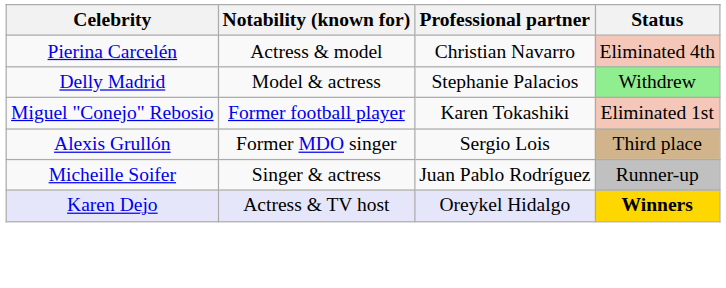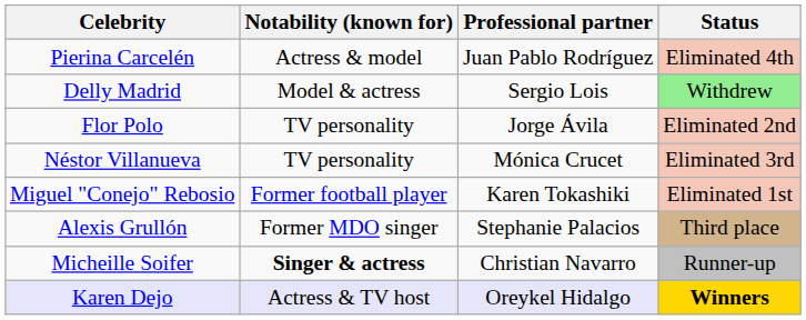 <table class= "wikitable sortable" style="text-align: center; margin:auto; align: center">
 <tr>
 <th>Celebrity</th>
 <th>Notability (known for)</th>
 <th>Professional partner</th>
 <th>Status</th>
 </tr>
 <tr>
 <td><a href='#'>Pierina Carcelén</a></td>
 <td>Actress & model</td>
-<td>Christian Navarro</td>
+<td>Juan Pablo Rodríguez</td>
 <td style="background:#f4c7b8;">Eliminated 4th<br></td>
 </tr>
 <tr>
 <td><a href='#'>Delly Madrid</a></td>
 <td>Model & actress</td>
-<td>Stephanie Palacios</td>
+<td>Sergio Lois</td>
 <td style="background:lightgreen;">Withdrew<br></td>
+</tr>
+<tr>
+<td><a href='#'>Flor Polo</a></td>
+<td>TV personality</td>
+<td>Jorge Ávila</td>
+<td style="background:#f4c7b8;">Eliminated 2nd<br></td>
+</tr>
+<tr>
+<td><a href='#'>Néstor Villanueva</a></td>
+<td>TV personality</td>
+<td>Mónica Crucet</td>
+<td style="background:#f4c7b8;">Eliminated 3rd<br></td>
 </tr>
 <tr>
 <td><a href='#'>Miguel "Conejo" Rebosio</a></td>
 <td><a href='#'>Former football player</a></td>
 <td>Karen Tokashiki</td>
 <td style="background:#f4c7b8;">Eliminated 1st<br></td>
 </tr>
 <tr>
 <td><a href='#'>Alexis Grullón</a></td>
 <td>Former <a href='#'>MDO</a> singer</td>
-<td>Sergio Lois</td>
+<td>Stephanie Palacios</td>
 <td style="background:tan;">Third place<br></td>
 </tr>
 <tr>
 <td><a href='#'>Micheille Soifer</a></td>
-<td>Singer & actress</td>
-<td>Juan Pablo Rodríguez</td>
+<td><strong>Singer & actress</strong></td>
+<td>Christian Navarro</td>
 <td style="background:silver;">Runner-up<br></td>
 </tr>
 <tr>
 <td bgcolor=lavender><a href='#'>Karen Dejo</a></td>
 <td bgcolor=lavender>Actress & TV host</td>
 <td bgcolor=lavender>Oreykel Hidalgo</td>
 <td style="background:gold;"><strong>Winners</strong><br></td>
 </tr>
 </table>
